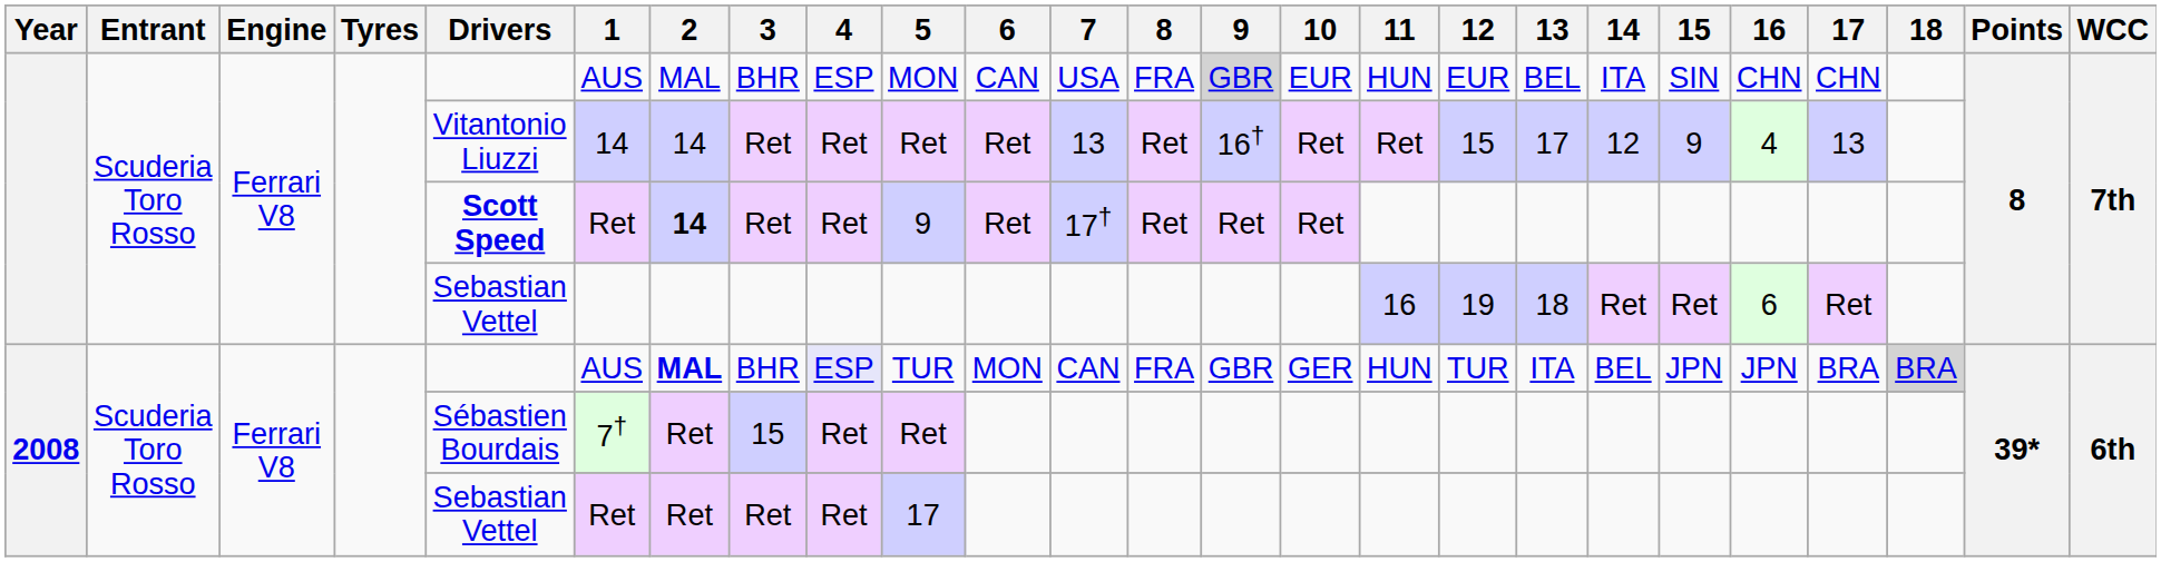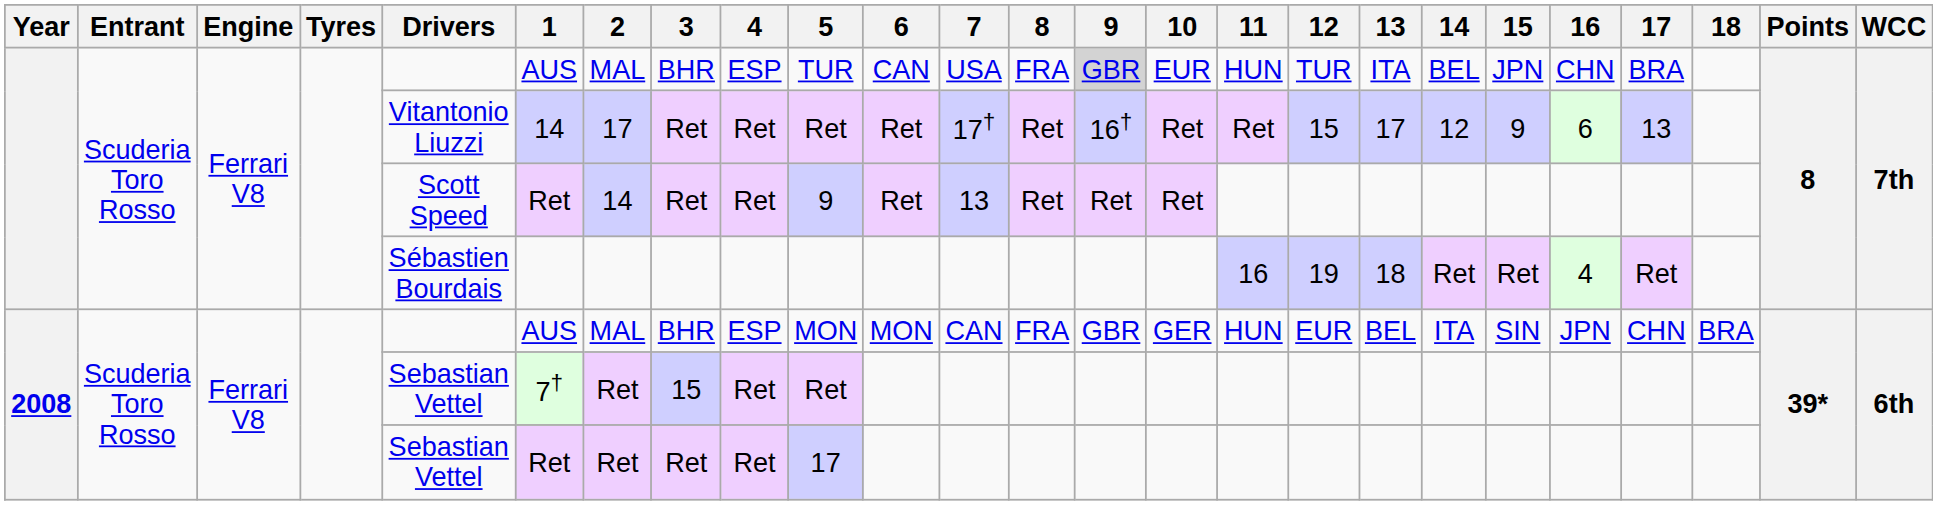 <table class="wikitable" style="text-align:center; font-size:95%">
 <tr>
 <th>Year</th>
 <th>Entrant</th>
 <th>Engine</th>
 <th>Tyres</th>
 <th>Drivers</th>
 <th>1</th>
 <th>2</th>
 <th>3</th>
 <th>4</th>
 <th>5</th>
 <th>6</th>
 <th>7</th>
 <th>8</th>
 <th>9</th>
 <th>10</th>
 <th>11</th>
 <th>12</th>
 <th>13</th>
 <th>14</th>
 <th>15</th>
 <th>16</th>
 <th>17</th>
 <th>18</th>
 <th>Points</th>
 <th>WCC</th>
 </tr>
 <tr>
 <th rowspan="4"></th>
 <td rowspan="4"><a href='#'>Scuderia Toro Rosso</a></td>
 <td rowspan="4"><a href='#'>Ferrari</a> <a href='#'>V8</a></td>
 <td rowspan="4"></td>
 <td></td>
 <td><a href='#'>AUS</a></td>
 <td><a href='#'>MAL</a></td>
 <td><a href='#'>BHR</a></td>
 <td><a href='#'>ESP</a></td>
-<td><a href='#'>MON</a></td>
+<td><a href='#'>TUR</a></td>
 <td><a href='#'>CAN</a></td>
 <td><a href='#'>USA</a></td>
 <td><a href='#'>FRA</a></td>
 <td style="background: lightgrey;"><a href='#'>GBR</a></td>
 <td><a href='#'>EUR</a></td>
 <td><a href='#'>HUN</a></td>
-<td><a href='#'>EUR</a></td>
+<td><a href='#'>TUR</a></td>
+<td><a href='#'>ITA</a></td>
 <td><a href='#'>BEL</a></td>
-<td><a href='#'>ITA</a></td>
-<td><a href='#'>SIN</a></td>
+<td><a href='#'>JPN</a></td>
 <td><a href='#'>CHN</a></td>
-<td><a href='#'>CHN</a></td>
+<td><a href='#'>BRA</a></td>
 <td></td>
 <th rowspan="4">8</th>
 <th rowspan="4">7th</th>
 </tr>
 <tr>
 <td> <a href='#'>Vitantonio Liuzzi</a></td>
 <td style="background:#CFCFFF;">14</td>
-<td style="background:#CFCFFF;">14</td>
+<td style="background:#CFCFFF;">17</td>
 <td style="background:#EFCFFF;">Ret</td>
 <td style="background:#EFCFFF;">Ret</td>
 <td style="background:#EFCFFF;">Ret</td>
 <td style="background:#EFCFFF;">Ret</td>
-<td style="background:#CFCFFF;">13</td>
+<td style="background:#CFCFFF;">17<sup>†</sup></td>
 <td style="background:#EFCFFF;">Ret</td>
 <td style="background:#CFCFFF;">16<sup>†</sup></td>
 <td style="background:#EFCFFF;">Ret</td>
 <td style="background:#EFCFFF;">Ret</td>
 <td style="background:#CFCFFF;">15</td>
 <td style="background:#CFCFFF;">17</td>
 <td style="background:#CFCFFF;">12</td>
 <td style="background:#CFCFFF;">9</td>
-<td style="background:#DFFFDF;">4</td>
+<td style="background:#DFFFDF;">6</td>
 <td style="background:#CFCFFF;">13</td>
 <td></td>
 </tr>
 <tr>
-<td><strong> <a href='#'>Scott Speed</a></strong></td>
+<td> <a href='#'>Scott Speed</a></td>
 <td style="background:#EFCFFF;">Ret</td>
-<td style="background:#CFCFFF;"><strong>14</strong></td>
+<td style="background:#CFCFFF;">14</td>
 <td style="background:#EFCFFF;">Ret</td>
 <td style="background:#EFCFFF;">Ret</td>
 <td style="background:#CFCFFF;">9</td>
 <td style="background:#EFCFFF;">Ret</td>
-<td style="background:#CFCFFF;">17<sup>†</sup></td>
+<td style="background:#CFCFFF;">13</td>
 <td style="background:#EFCFFF;">Ret</td>
 <td style="background:#EFCFFF;">Ret</td>
 <td style="background:#EFCFFF;">Ret</td>
 <td></td>
 <td></td>
 <td></td>
 <td></td>
 <td></td>
 <td></td>
 <td></td>
 <td></td>
 </tr>
 <tr>
-<td> <a href='#'>Sebastian Vettel</a></td>
+<td> <a href='#'>Sébastien Bourdais</a></td>
 <td></td>
 <td></td>
 <td></td>
 <td></td>
 <td></td>
 <td></td>
 <td></td>
 <td></td>
 <td></td>
 <td></td>
 <td style="background:#CFCFFF;">16</td>
 <td style="background:#CFCFFF;">19</td>
 <td style="background:#CFCFFF;">18</td>
 <td style="background:#EFCFFF;">Ret</td>
 <td style="background:#EFCFFF;">Ret</td>
-<td style="background:#DFFFDF;">6</td>
+<td style="background:#DFFFDF;">4</td>
 <td style="background:#EFCFFF;">Ret</td>
 <td></td>
 </tr>
 <tr>
 <th rowspan="3"><a href='#'>2008</a></th>
 <td rowspan="3"><a href='#'>Scuderia Toro Rosso</a></td>
 <td rowspan="3"><a href='#'>Ferrari</a> <a href='#'>V8</a></td>
 <td rowspan="3"></td>
 <td></td>
 <td><a href='#'>AUS</a></td>
-<td><strong><a href='#'>MAL</a></strong></td>
+<td><a href='#'>MAL</a></td>
 <td><a href='#'>BHR</a></td>
-<td style="background: lavender;"><a href='#'>ESP</a></td>
-<td><a href='#'>TUR</a></td>
+<td><a href='#'>ESP</a></td>
+<td><a href='#'>MON</a></td>
 <td><a href='#'>MON</a></td>
 <td><a href='#'>CAN</a></td>
 <td><a href='#'>FRA</a></td>
 <td><a href='#'>GBR</a></td>
 <td><a href='#'>GER</a></td>
 <td><a href='#'>HUN</a></td>
-<td><a href='#'>TUR</a></td>
+<td><a href='#'>EUR</a></td>
+<td><a href='#'>BEL</a></td>
 <td><a href='#'>ITA</a></td>
-<td><a href='#'>BEL</a></td>
+<td><a href='#'>SIN</a></td>
 <td><a href='#'>JPN</a></td>
-<td><a href='#'>JPN</a></td>
+<td><a href='#'>CHN</a></td>
 <td><a href='#'>BRA</a></td>
-<td style="background: lightgrey;"><a href='#'>BRA</a></td>
 <th rowspan="3">39*</th>
 <th rowspan="3">6th</th>
 </tr>
 <tr>
-<td> <a href='#'>Sébastien Bourdais</a></td>
+<td> <a href='#'>Sebastian Vettel</a></td>
 <td style="background:#DFFFDF;">7<sup>†</sup></td>
 <td style="background:#EFCFFF;">Ret</td>
 <td style="background:#CFCFFF;">15</td>
 <td style="background:#EFCFFF;">Ret</td>
 <td style="background:#EFCFFF;">Ret</td>
 <td></td>
 <td></td>
 <td></td>
 <td></td>
 <td></td>
 <td></td>
 <td></td>
 <td></td>
 <td></td>
 <td></td>
 <td></td>
 <td></td>
 <td></td>
 </tr>
 <tr>
 <td> <a href='#'>Sebastian Vettel</a></td>
 <td style="background:#EFCFFF;">Ret</td>
 <td style="background:#EFCFFF;">Ret</td>
 <td style="background:#EFCFFF;">Ret</td>
 <td style="background:#EFCFFF;">Ret</td>
 <td style="background:#CFCFFF;">17</td>
 <td></td>
 <td></td>
 <td></td>
 <td></td>
 <td></td>
 <td></td>
 <td></td>
 <td></td>
 <td></td>
 <td></td>
 <td></td>
 <td></td>
 <td></td>
 </tr>
 </table>
